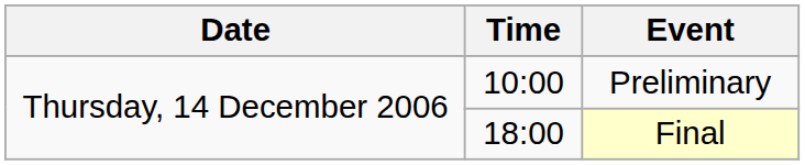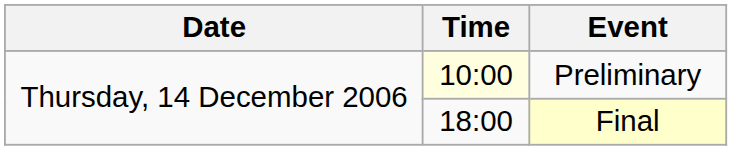 <table class = "wikitable" style="text-align:center;">
 <tr>
 <th width=220>Date</th>
 <th width=50>Time</th>
 <th width=100>Event</th>
 </tr>
 <tr>
 <td rowspan=2>Thursday, 14 December 2006</td>
-<td>10:00</td>
+<td style="background: lightyellow;">10:00</td>
 <td>Preliminary</td>
 </tr>
 <tr>
 <td>18:00</td>
 <td bgcolor=ffffcc>Final</td>
 </tr>
 </table>
